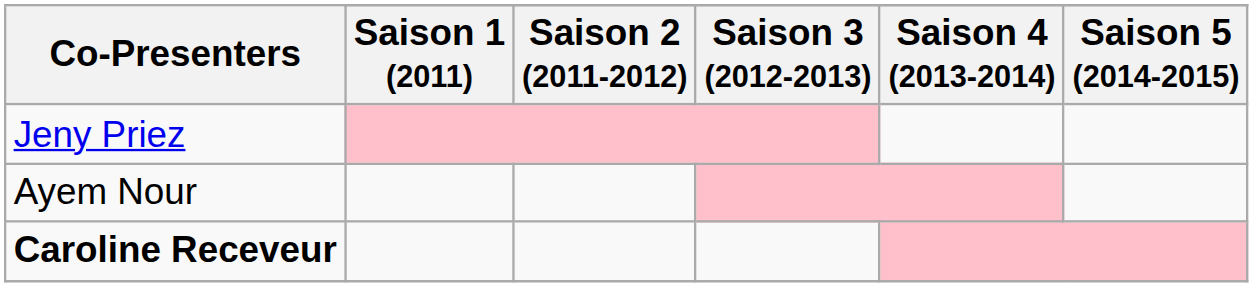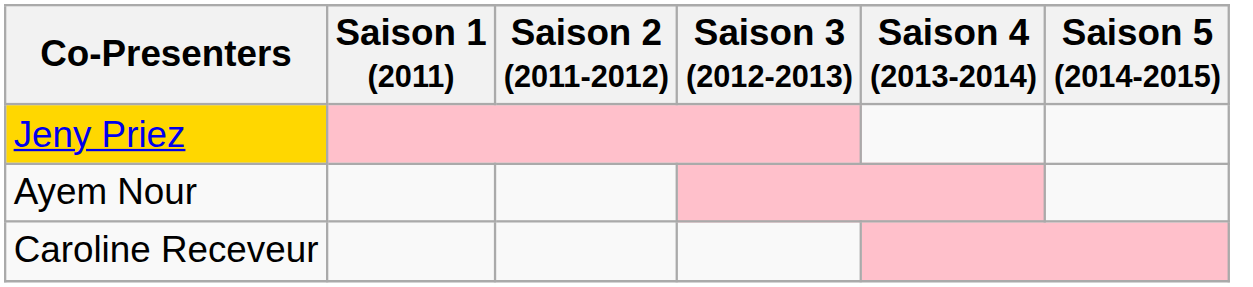 <table class="wikitable">
 <tr>
 <th rowspan="2">Co-Presenters</th>
 </tr>
 <tr>
 <th>Saison 1<br><small>(2011)</small></th>
 <th>Saison 2<br><small>(2011-2012)</small></th>
 <th>Saison 3<br><small>(2012-2013)</small></th>
 <th>Saison 4<br><small>(2013-2014)</small></th>
 <th>Saison 5<br><small>(2014-2015)</small></th>
 </tr>
 <tr>
-<td><a href='#'>Jeny Priez</a></td>
+<td style="background: gold;"><a href='#'>Jeny Priez</a></td>
 <td colspan="3" align="center" bgcolor="pink"></td>
 <td></td>
 <td></td>
 </tr>
 <tr>
 <td>Ayem Nour</td>
 <td></td>
 <td></td>
 <td colspan="2" align="center" bgcolor="pink"></td>
 <td></td>
 </tr>
 <tr>
-<td><strong>Caroline Receveur</strong></td>
+<td>Caroline Receveur</td>
 <td></td>
 <td></td>
 <td></td>
 <td colspan="2" align="center" bgcolor="pink"></td>
 </tr>
 <tr>
 </tr>
 </table>
